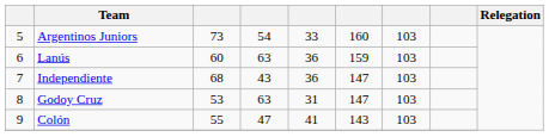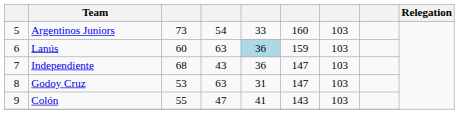 <table class="wikitable" style="text-align: center">
 <tr>
 <th width=28><br></th>
 <th width=185>Team</th>
 <th width=50></th>
 <th width=50></th>
 <th width=50></th>
 <th width=50></th>
 <th width=50></th>
 <th width=50><br></th>
 <th>Relegation</th>
 </tr>
 <tr>
 <td>5</td>
 <td align="left"><a href='#'>Argentinos Juniors</a></td>
 <td>73</td>
 <td>54</td>
 <td>33</td>
 <td>160</td>
 <td>103</td>
 <td><strong></strong></td>
 </tr>
 <tr>
 <td>6</td>
 <td align="left"><a href='#'>Lanús</a></td>
 <td>60</td>
 <td>63</td>
-<td>36</td>
+<td style="background: lightblue;">36</td>
 <td>159</td>
 <td>103</td>
 <td><strong></strong></td>
 </tr>
 <tr>
 <td>7</td>
 <td align="left"><a href='#'>Independiente</a></td>
 <td>68</td>
 <td>43</td>
 <td>36</td>
 <td>147</td>
 <td>103</td>
 <td><strong></strong></td>
 </tr>
 <tr>
 <td>8</td>
 <td align="left"><a href='#'>Godoy Cruz</a></td>
 <td>53</td>
 <td>63</td>
 <td>31</td>
 <td>147</td>
 <td>103</td>
 <td><strong></strong></td>
 </tr>
 <tr>
 <td>9</td>
 <td align="left"><a href='#'>Colón</a></td>
 <td>55</td>
 <td>47</td>
 <td>41</td>
 <td>143</td>
 <td>103</td>
 <td><strong></strong></td>
 </tr>
 <tr>
 </tr>
 </table>
